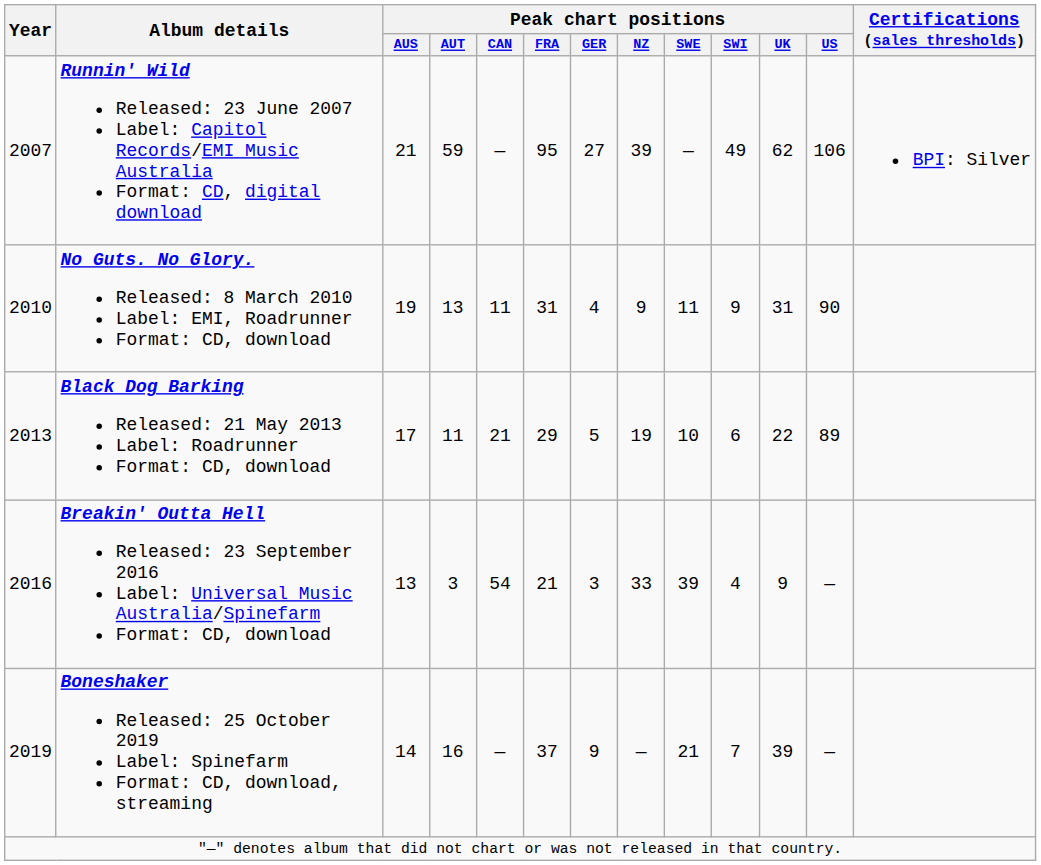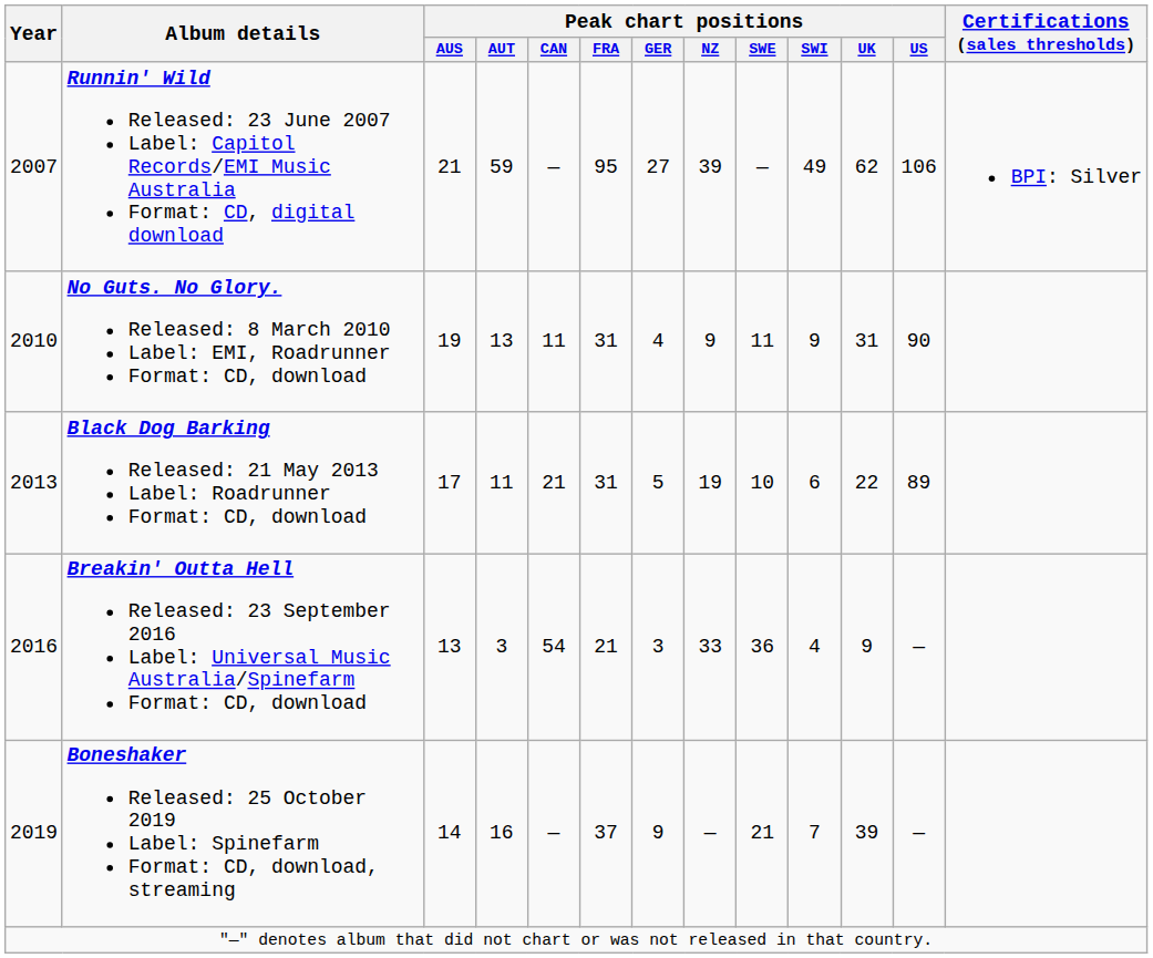 <table class="wikitable" style="text-align:center">
 <tr>
 <th rowspan="2">Year</th>
 <th rowspan="2" width="230">Album details</th>
 <th colspan="10">Peak chart positions</th>
 <th rowspan="2"><a href='#'>Certifications</a><br><small>(<a href='#'>sales thresholds</a>)</small></th>
 </tr>
 <tr>
 <th style="width:3em;font-size:75%"><a href='#'>AUS</a><br></th>
 <th style="width:3em;font-size:75%"><a href='#'>AUT</a><br></th>
 <th style="width:3em;font-size:75%"><a href='#'>CAN</a><br></th>
 <th style="width:3em;font-size:75%"><a href='#'>FRA</a><br></th>
 <th style="width:3em;font-size:75%"><a href='#'>GER</a><br></th>
 <th style="width:3em;font-size:75%"><a href='#'>NZ</a><br></th>
 <th style="width:3em;font-size:75%"><a href='#'>SWE</a><br></th>
 <th style="width:3em;font-size:75%"><a href='#'>SWI</a><br></th>
 <th style="width:3em;font-size:75%"><a href='#'>UK</a><br></th>
 <th style="width:3em;font-size:75%"><a href='#'>US</a><br></th>
 </tr>
 <tr>
 <td>2007</td>
 <td align="left"><strong><em><a href='#'>Runnin' Wild</a></em></strong><br><ul><li>Released: 23 June 2007</li><li>Label: <a href='#'>Capitol Records</a>/<a href='#'>EMI Music Australia</a> </li><li>Format: <a href='#'>CD</a>, <a href='#'>digital download</a></li></ul></td>
 <td>21</td>
 <td>59</td>
 <td>—</td>
 <td>95</td>
 <td>27</td>
 <td>39</td>
 <td>—</td>
 <td>49</td>
 <td>62</td>
 <td>106</td>
 <td><br><ul><li><a href='#'>BPI</a>: Silver</li></ul></td>
 </tr>
 <tr>
 <td>2010</td>
 <td align="left"><strong><em><a href='#'>No Guts. No Glory.</a></em></strong><br><ul><li>Released: 8 March 2010</li><li>Label: EMI, Roadrunner</li><li>Format: CD, download</li></ul></td>
 <td>19</td>
 <td>13</td>
 <td>11</td>
 <td>31</td>
 <td>4</td>
 <td>9</td>
 <td>11</td>
 <td>9</td>
 <td>31</td>
 <td>90</td>
 <td></td>
 </tr>
 <tr>
 <td>2013</td>
 <td align="left"><strong><em><a href='#'>Black Dog Barking</a></em></strong><br><ul><li>Released: 21 May 2013</li><li>Label: Roadrunner</li><li>Format: CD, download</li></ul></td>
 <td>17</td>
 <td>11</td>
 <td>21</td>
-<td>29</td>
+<td>31</td>
 <td>5</td>
 <td>19</td>
 <td>10</td>
 <td>6</td>
 <td>22</td>
 <td>89</td>
 <td></td>
 </tr>
 <tr>
 <td>2016</td>
 <td align="left"><strong><em><a href='#'>Breakin' Outta Hell</a></em></strong><br><ul><li>Released: 23 September 2016</li><li>Label: <a href='#'>Universal Music Australia</a>/<a href='#'>Spinefarm</a> </li><li>Format: CD, download</li></ul></td>
 <td>13</td>
 <td>3</td>
 <td>54</td>
 <td>21<br></td>
 <td>3</td>
 <td>33<br></td>
-<td>39</td>
+<td>36</td>
 <td>4</td>
 <td>9</td>
 <td>—</td>
 <td></td>
 </tr>
 <tr>
 <td>2019</td>
 <td align="left"><strong><em><a href='#'>Boneshaker</a></em></strong><br><ul><li>Released: 25 October 2019</li><li>Label: Spinefarm</li><li>Format: CD, download, streaming</li></ul></td>
 <td>14<br></td>
 <td>16</td>
 <td>—</td>
 <td>37<br></td>
 <td>9</td>
 <td>—</td>
 <td>21<br></td>
 <td>7</td>
 <td>39</td>
 <td>—</td>
 <td></td>
 </tr>
 <tr>
 <td colspan="13" style="font-size: 8pt">"—" denotes album that did not chart or was not released in that country.</td>
 </tr>
 </table>
